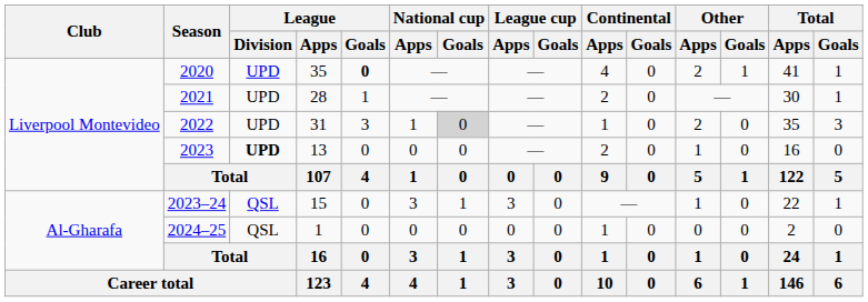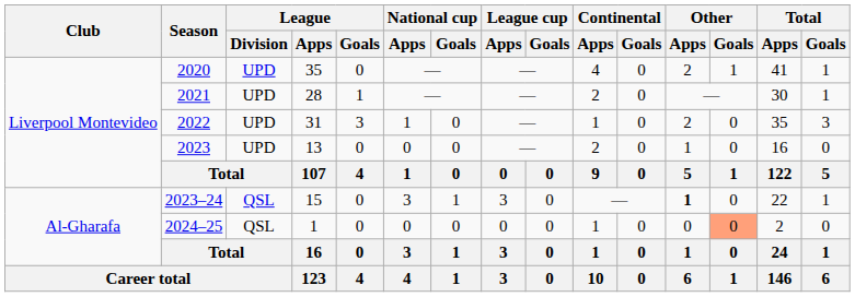 <table class="wikitable" style="text-align: center">
 <tr>
 <th rowspan="2">Club</th>
 <th rowspan="2">Season</th>
 <th colspan="3">League</th>
 <th colspan="2">National cup</th>
 <th colspan="2">League cup</th>
 <th colspan="2">Continental</th>
 <th colspan="2">Other</th>
 <th colspan="2">Total</th>
 </tr>
 <tr>
 <th>Division</th>
 <th>Apps</th>
 <th>Goals</th>
 <th>Apps</th>
 <th>Goals</th>
 <th>Apps</th>
 <th>Goals</th>
 <th>Apps</th>
 <th>Goals</th>
 <th>Apps</th>
 <th>Goals</th>
 <th>Apps</th>
 <th>Goals</th>
 </tr>
 <tr>
 <td rowspan="5"><a href='#'>Liverpool Montevideo</a></td>
 <td><a href='#'>2020</a></td>
 <td><a href='#'>UPD</a></td>
 <td>35</td>
-<td><strong>0</strong></td>
+<td>0</td>
 <td colspan="2">—</td>
 <td colspan="2">—</td>
 <td>4</td>
 <td>0</td>
 <td>2</td>
 <td>1</td>
 <td>41</td>
 <td>1</td>
 </tr>
 <tr>
 <td><a href='#'>2021</a></td>
 <td>UPD</td>
 <td>28</td>
 <td>1</td>
 <td colspan="2">—</td>
 <td colspan="2">—</td>
 <td>2</td>
 <td>0</td>
 <td colspan="2">—</td>
 <td>30</td>
 <td>1</td>
 </tr>
 <tr>
 <td><a href='#'>2022</a></td>
 <td>UPD</td>
 <td>31</td>
 <td>3</td>
 <td>1</td>
-<td style="background: lightgrey;">0</td>
+<td>0</td>
 <td colspan="2">—</td>
 <td>1</td>
 <td>0</td>
 <td>2</td>
 <td>0</td>
 <td>35</td>
 <td>3</td>
 </tr>
 <tr>
 <td><a href='#'>2023</a></td>
-<td><strong>UPD</strong></td>
+<td>UPD</td>
 <td>13</td>
 <td>0</td>
 <td>0</td>
 <td>0</td>
 <td colspan="2">—</td>
 <td>2</td>
 <td>0</td>
 <td>1</td>
 <td>0</td>
 <td>16</td>
 <td>0</td>
 </tr>
 <tr>
 <th colspan="2">Total</th>
 <th>107</th>
 <th>4</th>
 <th>1</th>
 <th>0</th>
 <th>0</th>
 <th>0</th>
 <th>9</th>
 <th>0</th>
 <th>5</th>
 <th>1</th>
 <th>122</th>
 <th>5</th>
 </tr>
 <tr>
 <td rowspan="3"><a href='#'>Al-Gharafa</a></td>
 <td><a href='#'>2023–24</a></td>
 <td><a href='#'>QSL</a></td>
 <td>15</td>
 <td>0</td>
 <td>3</td>
 <td>1</td>
 <td>3</td>
 <td>0</td>
 <td colspan="2">—</td>
-<td>1</td>
+<td><strong>1</strong></td>
 <td>0</td>
 <td>22</td>
 <td>1</td>
 </tr>
 <tr>
 <td><a href='#'>2024–25</a></td>
 <td>QSL</td>
 <td>1</td>
 <td>0</td>
 <td>0</td>
 <td>0</td>
 <td>0</td>
 <td>0</td>
 <td>1</td>
 <td>0</td>
 <td>0</td>
-<td>0</td>
+<td style="background: lightsalmon;">0</td>
 <td>2</td>
 <td>0</td>
 </tr>
 <tr>
 <th colspan="2">Total</th>
 <th>16</th>
 <th>0</th>
 <th>3</th>
 <th>1</th>
 <th>3</th>
 <th>0</th>
 <th>1</th>
 <th>0</th>
 <th>1</th>
 <th>0</th>
 <th>24</th>
 <th>1</th>
 </tr>
 <tr>
 <th colspan="3">Career total</th>
 <th>123</th>
 <th>4</th>
 <th>4</th>
 <th>1</th>
 <th>3</th>
 <th>0</th>
 <th>10</th>
 <th>0</th>
 <th>6</th>
 <th>1</th>
 <th>146</th>
 <th>6</th>
 </tr>
 </table>
